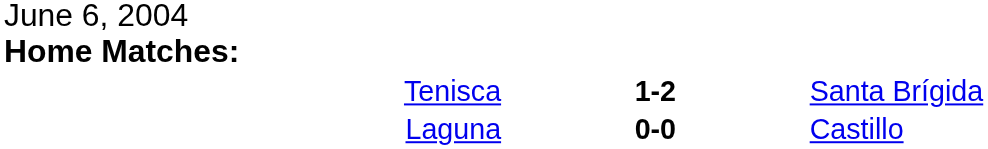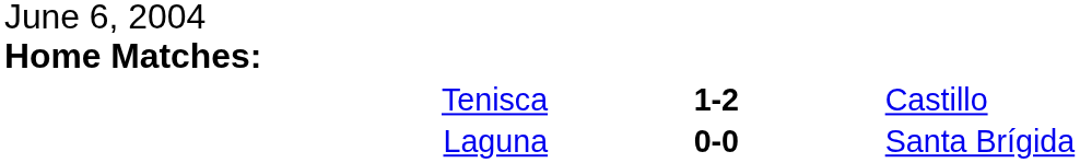 <table width=100% cellspacing=1>
 <tr>
 <th width=20%></th>
 <th width=12%></th>
 <th width=20%></th>
 <th></th>
 </tr>
 <tr>
 <td>June 6, 2004<br><strong>Home Matches:</strong></td>
 </tr>
 <tr style=font-size:90%>
 <td align=right><a href='#'>Tenisca</a></td>
 <td align=center><strong>1-2</strong></td>
-<td><a href='#'>Santa Brígida</a></td>
+<td><a href='#'>Castillo</a></td>
 </tr>
 <tr style=font-size:90%>
 <td align=right><a href='#'>Laguna</a></td>
 <td align=center><strong>0-0</strong></td>
-<td><a href='#'>Castillo</a></td>
+<td><a href='#'>Santa Brígida</a></td>
 </tr>
 </table>
